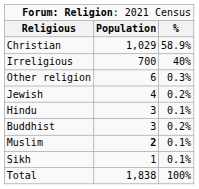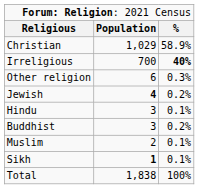 <table class="wikitable">
 <tr>
 <td colspan="14" style="text-align:right;"><strong>Forum: Religion</strong>: 2021 Census</td>
 </tr>
 <tr>
 <th>Religious</th>
 <th>Population</th>
 <th>%</th>
 </tr>
 <tr>
 <td>Christian</td>
 <td style="text-align:right;">1,029</td>
 <td style="text-align:right;">58.9%</td>
 </tr>
 <tr>
 <td>Irreligious</td>
 <td style="text-align:right;">700</td>
-<td style="text-align:right;">40%</td>
+<td style="text-align:right;"><strong>40%</strong></td>
 </tr>
 <tr>
 <td>Other religion</td>
 <td style="text-align:right;">6</td>
 <td style="text-align:right;">0.3%</td>
 </tr>
 <tr>
 <td>Jewish</td>
-<td style="text-align:right;">4</td>
+<td style="text-align:right;"><strong>4</strong></td>
 <td style="text-align:right;">0.2%</td>
 </tr>
 <tr>
 <td>Hindu</td>
 <td style="text-align:right;">3</td>
 <td style="text-align:right;">0.1%</td>
 </tr>
 <tr>
 <td>Buddhist</td>
 <td style="text-align:right;">3</td>
 <td style="text-align:right;">0.2%</td>
 </tr>
 <tr>
 <td>Muslim</td>
-<td style="text-align:right;"><strong>2</strong></td>
+<td style="text-align:right;">2</td>
 <td style="text-align:right;">0.1%</td>
 </tr>
 <tr>
 <td>Sikh</td>
-<td style="text-align:right;">1</td>
+<td style="text-align:right;"><strong>1</strong></td>
 <td style="text-align:right;">0.1%</td>
 </tr>
 <tr>
 <td>Total</td>
 <td style="text-align:right;">1,838</td>
 <td style="text-align:right;">100%</td>
 </tr>
 </table>
